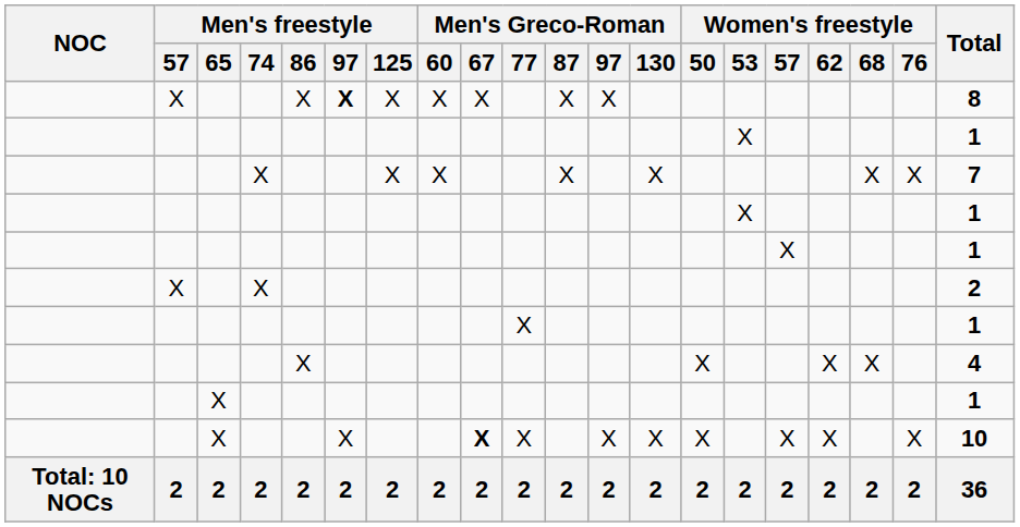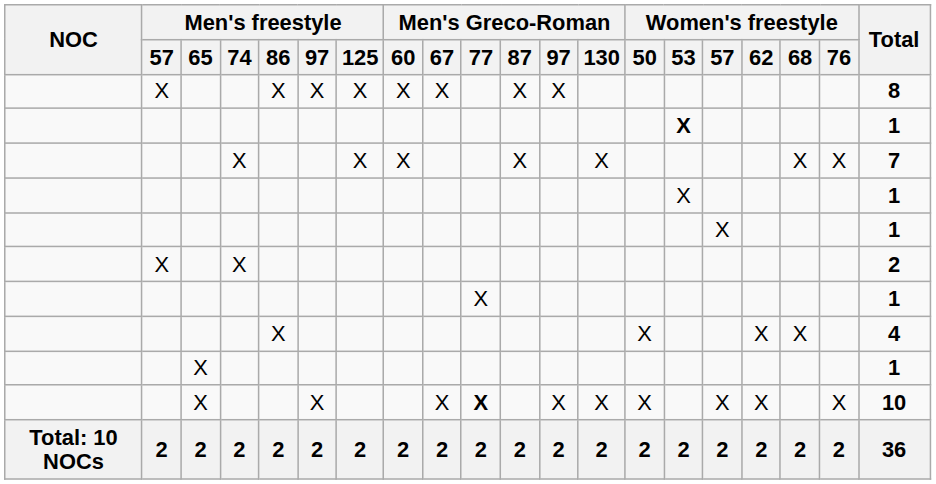 <table class="wikitable" style="text-align:center; font-size:90%">
 <tr>
 <th rowspan="2" width=180 style="text-align:center;">NOC</th>
 <th colspan="6">Men's freestyle</th>
 <th colspan="6">Men's Greco-Roman</th>
 <th colspan=6>Women's freestyle</th>
 <th ! width=55 rowspan="2">Total</th>
 </tr>
 <tr>
 <th width="25">57</th>
 <th width="25">65</th>
 <th width="25">74</th>
 <th width="25">86</th>
 <th width="25">97</th>
 <th width="25">125</th>
 <th width="25">60</th>
 <th width="25">67</th>
 <th width="25">77</th>
 <th width="25">87</th>
 <th width="25">97</th>
 <th width="25">130</th>
 <th width="25">50</th>
 <th width="25">53</th>
 <th width="25">57</th>
 <th width="25">62</th>
 <th width="25">68</th>
 <th width="25">76</th>
 </tr>
 <tr>
 <td align=left></td>
 <td>X</td>
 <td></td>
 <td></td>
 <td>X</td>
-<td><strong>X</strong></td>
+<td>X</td>
 <td>X</td>
 <td>X</td>
 <td>X</td>
 <td></td>
 <td>X</td>
 <td>X</td>
 <td></td>
 <td></td>
 <td></td>
 <td></td>
 <td></td>
 <td></td>
 <td></td>
 <td><strong>8</strong></td>
 </tr>
 <tr>
 <td align=left></td>
 <td></td>
 <td></td>
 <td></td>
 <td></td>
 <td></td>
 <td></td>
 <td></td>
 <td></td>
 <td></td>
 <td></td>
 <td></td>
 <td></td>
 <td></td>
-<td>X</td>
+<td><strong>X</strong></td>
 <td></td>
 <td></td>
 <td></td>
 <td></td>
 <td><strong>1</strong></td>
 </tr>
 <tr>
 <td align=left></td>
 <td></td>
 <td></td>
 <td>X</td>
 <td></td>
 <td></td>
 <td>X</td>
 <td>X</td>
 <td></td>
 <td></td>
 <td>X</td>
 <td></td>
 <td>X</td>
 <td></td>
 <td></td>
 <td></td>
 <td></td>
 <td>X</td>
 <td>X</td>
 <td><strong>7</strong></td>
 </tr>
 <tr>
 <td align=left></td>
 <td></td>
 <td></td>
 <td></td>
 <td></td>
 <td></td>
 <td></td>
 <td></td>
 <td></td>
 <td></td>
 <td></td>
 <td></td>
 <td></td>
 <td></td>
 <td>X</td>
 <td></td>
 <td></td>
 <td></td>
 <td></td>
 <td><strong>1</strong></td>
 </tr>
 <tr>
 <td align=left></td>
 <td></td>
 <td></td>
 <td></td>
 <td></td>
 <td></td>
 <td></td>
 <td></td>
 <td></td>
 <td></td>
 <td></td>
 <td></td>
 <td></td>
 <td></td>
 <td></td>
 <td>X</td>
 <td></td>
 <td></td>
 <td></td>
 <td><strong>1</strong></td>
 </tr>
 <tr>
 <td align=left></td>
 <td>X</td>
 <td></td>
 <td>X</td>
 <td></td>
 <td></td>
 <td></td>
 <td></td>
 <td></td>
 <td></td>
 <td></td>
 <td></td>
 <td></td>
 <td></td>
 <td></td>
 <td></td>
 <td></td>
 <td></td>
 <td></td>
 <td><strong>2</strong></td>
 </tr>
 <tr>
 <td align=left></td>
 <td></td>
 <td></td>
 <td></td>
 <td></td>
 <td></td>
 <td></td>
 <td></td>
 <td></td>
 <td>X</td>
 <td></td>
 <td></td>
 <td></td>
 <td></td>
 <td></td>
 <td></td>
 <td></td>
 <td></td>
 <td></td>
 <td><strong>1</strong></td>
 </tr>
 <tr>
 <td align=left></td>
 <td></td>
 <td></td>
 <td></td>
 <td>X</td>
 <td></td>
 <td></td>
 <td></td>
 <td></td>
 <td></td>
 <td></td>
 <td></td>
 <td></td>
 <td>X</td>
 <td></td>
 <td></td>
 <td>X</td>
 <td>X</td>
 <td></td>
 <td><strong>4</strong></td>
 </tr>
 <tr>
 <td align=left></td>
 <td></td>
 <td>X</td>
 <td></td>
 <td></td>
 <td></td>
 <td></td>
 <td></td>
 <td></td>
 <td></td>
 <td></td>
 <td></td>
 <td></td>
 <td></td>
 <td></td>
 <td></td>
 <td></td>
 <td></td>
 <td></td>
 <td><strong>1</strong></td>
 </tr>
 <tr>
 <td align=left></td>
 <td></td>
 <td>X</td>
 <td></td>
 <td></td>
 <td>X</td>
 <td></td>
 <td></td>
+<td>X</td>
 <td><strong>X</strong></td>
-<td>X</td>
 <td></td>
 <td>X</td>
 <td>X</td>
 <td>X</td>
 <td></td>
 <td>X</td>
 <td>X</td>
 <td></td>
 <td>X</td>
 <td><strong>10</strong></td>
 </tr>
 <tr>
 <th>Total: 10 NOCs</th>
 <th>2</th>
 <th>2</th>
 <th>2</th>
 <th>2</th>
 <th>2</th>
 <th>2</th>
 <th>2</th>
 <th>2</th>
 <th>2</th>
 <th>2</th>
 <th>2</th>
 <th>2</th>
 <th>2</th>
 <th>2</th>
 <th>2</th>
 <th>2</th>
 <th>2</th>
 <th>2</th>
 <th>36</th>
 </tr>
 </table>
